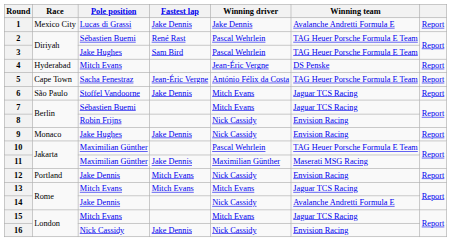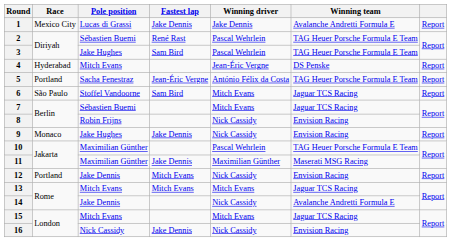 <table class="wikitable" style="font-size:85%;">
 <tr>
 <th>Round</th>
 <th>Race</th>
 <th scope="col"><a href='#'>Pole position</a></th>
 <th scope="col"><a href='#'>Fastest lap</a></th>
 <th scope="col">Winning driver</th>
 <th scope="col">Winning team</th>
 <th></th>
 </tr>
 <tr>
 <th scope="row">1</th>
 <td nowrap> Mexico City</td>
 <td> <a href='#'>Lucas di Grassi</a></td>
 <td> <a href='#'>Jake Dennis</a></td>
 <td> <a href='#'>Jake Dennis</a></td>
 <td> <a href='#'>Avalanche Andretti Formula E</a></td>
 <td><a href='#'>Report</a></td>
 </tr>
 <tr>
 <th scope="row">2</th>
 <td rowspan="2"> Diriyah</td>
 <td> <a href='#'>Sébastien Buemi</a></td>
 <td> <a href='#'>René Rast</a></td>
 <td> <a href='#'>Pascal Wehrlein</a></td>
 <td nowrap> <a href='#'>TAG Heuer Porsche Formula E Team</a></td>
 <td rowspan="2"><a href='#'>Report</a></td>
 </tr>
 <tr>
 <th>3</th>
 <td> <a href='#'>Jake Hughes</a></td>
 <td> <a href='#'>Sam Bird</a></td>
 <td> <a href='#'>Pascal Wehrlein</a></td>
 <td> <a href='#'>TAG Heuer Porsche Formula E Team</a></td>
 </tr>
 <tr>
 <th scope="row">4</th>
 <td> Hyderabad</td>
 <td> <a href='#'>Mitch Evans</a></td>
 <td> </td>
 <td> <a href='#'>Jean-Éric Vergne</a></td>
 <td> <a href='#'>DS Penske</a></td>
 <td><a href='#'>Report</a></td>
 </tr>
 <tr>
 <th scope="row">5</th>
-<td> Cape Town</td>
+<td> Portland</td>
 <td> <a href='#'>Sacha Fenestraz</a></td>
 <td> <a href='#'>Jean-Éric Vergne</a></td>
 <td nowrap> <a href='#'>António Félix da Costa</a></td>
 <td> <a href='#'>TAG Heuer Porsche Formula E Team</a></td>
 <td><a href='#'>Report</a></td>
 </tr>
 <tr>
 <th>6</th>
 <td> São Paulo</td>
 <td nowrap> <a href='#'>Stoffel Vandoorne</a></td>
-<td> <a href='#'>Jake Dennis</a></td>
+<td> <a href='#'>Sam Bird</a></td>
 <td> <a href='#'>Mitch Evans</a></td>
 <td> <a href='#'>Jaguar TCS Racing</a></td>
 <td><a href='#'>Report</a></td>
 </tr>
 <tr>
 <th>7</th>
 <td rowspan="2"> Berlin</td>
 <td> <a href='#'>Sébastien Buemi</a></td>
 <td> </td>
 <td> <a href='#'>Mitch Evans</a></td>
 <td> <a href='#'>Jaguar TCS Racing</a></td>
 <td rowspan="2"><a href='#'>Report</a></td>
 </tr>
 <tr>
 <th>8</th>
 <td> <a href='#'>Robin Frijns</a></td>
 <td nowrap> </td>
 <td> <a href='#'>Nick Cassidy</a></td>
 <td> <a href='#'>Envision Racing</a></td>
 </tr>
 <tr>
 <th>9</th>
 <td> Monaco</td>
 <td> <a href='#'>Jake Hughes</a></td>
 <td> <a href='#'>Jake Dennis</a></td>
 <td> <a href='#'>Nick Cassidy</a></td>
 <td> <a href='#'>Envision Racing</a></td>
 <td><a href='#'>Report</a></td>
 </tr>
 <tr>
 <th>10</th>
 <td rowspan="2"> Jakarta</td>
 <td> <a href='#'>Maximilian Günther</a></td>
 <td> </td>
 <td> <a href='#'>Pascal Wehrlein</a></td>
 <td> <a href='#'>TAG Heuer Porsche Formula E Team</a></td>
 <td rowspan="2"><a href='#'>Report</a></td>
 </tr>
 <tr>
 <th scope="row">11</th>
 <td> <a href='#'>Maximilian Günther</a></td>
 <td> <a href='#'>Jake Dennis</a></td>
 <td> <a href='#'>Maximilian Günther</a></td>
 <td> <a href='#'>Maserati MSG Racing</a></td>
 </tr>
 <tr>
 <th scope="row">12</th>
 <td> Portland</td>
 <td> <a href='#'>Jake Dennis</a></td>
 <td> <a href='#'>Mitch Evans</a></td>
 <td> <a href='#'>Nick Cassidy</a></td>
 <td> <a href='#'>Envision Racing</a></td>
 <td><a href='#'>Report</a></td>
 </tr>
 <tr>
 <th scope="row">13</th>
 <td rowspan="2"> Rome</td>
 <td> <a href='#'>Mitch Evans</a></td>
 <td> <a href='#'>Mitch Evans</a></td>
 <td> <a href='#'>Mitch Evans</a></td>
 <td> <a href='#'>Jaguar TCS Racing</a></td>
 <td rowspan="2"><a href='#'>Report</a></td>
 </tr>
 <tr>
 <th scope="row">14</th>
 <td> <a href='#'>Jake Dennis</a></td>
 <td> </td>
 <td> <a href='#'>Nick Cassidy</a></td>
 <td> <a href='#'>Avalanche Andretti Formula E</a></td>
 </tr>
 <tr>
 <th scope="row">15</th>
 <td rowspan="2"> London</td>
 <td> <a href='#'>Mitch Evans</a></td>
 <td> </td>
 <td> <a href='#'>Mitch Evans</a></td>
 <td> <a href='#'>Jaguar TCS Racing</a></td>
 <td rowspan="2"><a href='#'>Report</a></td>
 </tr>
 <tr>
 <th scope="row">16</th>
 <td> <a href='#'>Nick Cassidy</a></td>
 <td> <a href='#'>Jake Dennis</a></td>
 <td> <a href='#'>Nick Cassidy</a></td>
 <td> <a href='#'>Envision Racing</a></td>
 </tr>
 </table>
